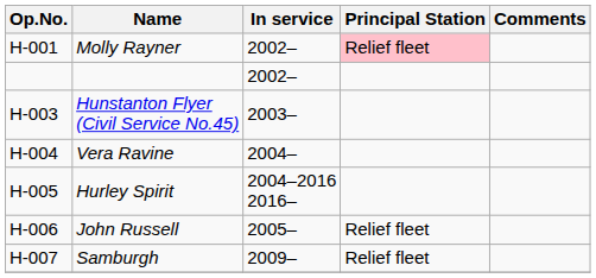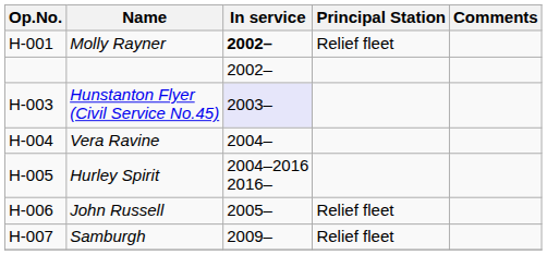 <table class="wikitable">
 <tr>
 <th>Op.No.</th>
 <th>Name</th>
 <th>In service</th>
 <th>Principal Station</th>
 <th>Comments</th>
 </tr>
 <tr>
 <td>H-001</td>
 <td><em>Molly Rayner</em></td>
-<td>2002–</td>
-<td style="background: pink;">Relief fleet</td>
+<td><strong>2002–</strong></td>
+<td>Relief fleet</td>
 <td></td>
 </tr>
 <tr>
 <td></td>
 <td></td>
 <td>2002–</td>
 <td></td>
 <td></td>
 </tr>
 <tr>
 <td>H-003</td>
 <td><a href='#'><em>Hunstanton Flyer<br>(Civil Service No.45)</em></a></td>
-<td>2003–</td>
+<td style="background: lavender;">2003–</td>
 <td></td>
 <td></td>
 </tr>
 <tr>
 <td>H-004</td>
 <td><em>Vera Ravine</em></td>
 <td>2004–</td>
 <td></td>
 <td></td>
 </tr>
 <tr>
 <td>H-005</td>
 <td><em>Hurley Spirit</em></td>
 <td>2004–2016<br>2016–</td>
 <td><br></td>
 <td></td>
 </tr>
 <tr>
 <td>H-006</td>
 <td><em>John Russell</em></td>
 <td>2005–</td>
 <td>Relief fleet</td>
 <td></td>
 </tr>
 <tr>
 <td>H-007</td>
 <td><em>Samburgh</em></td>
 <td>2009–</td>
 <td>Relief fleet</td>
 <td></td>
 </tr>
 <tr>
 </tr>
 </table>
